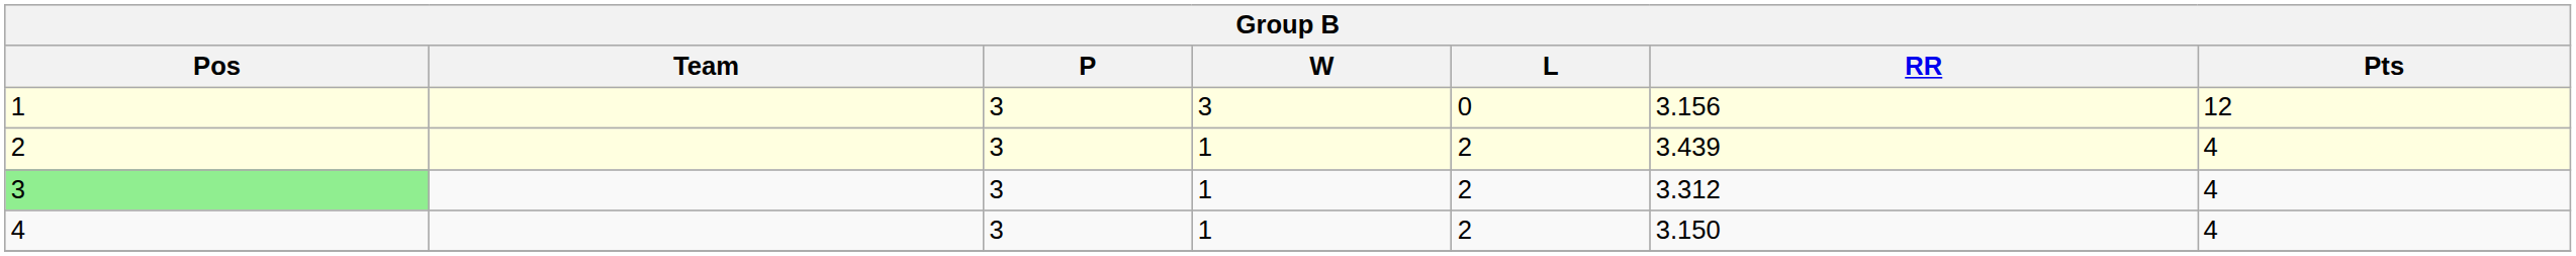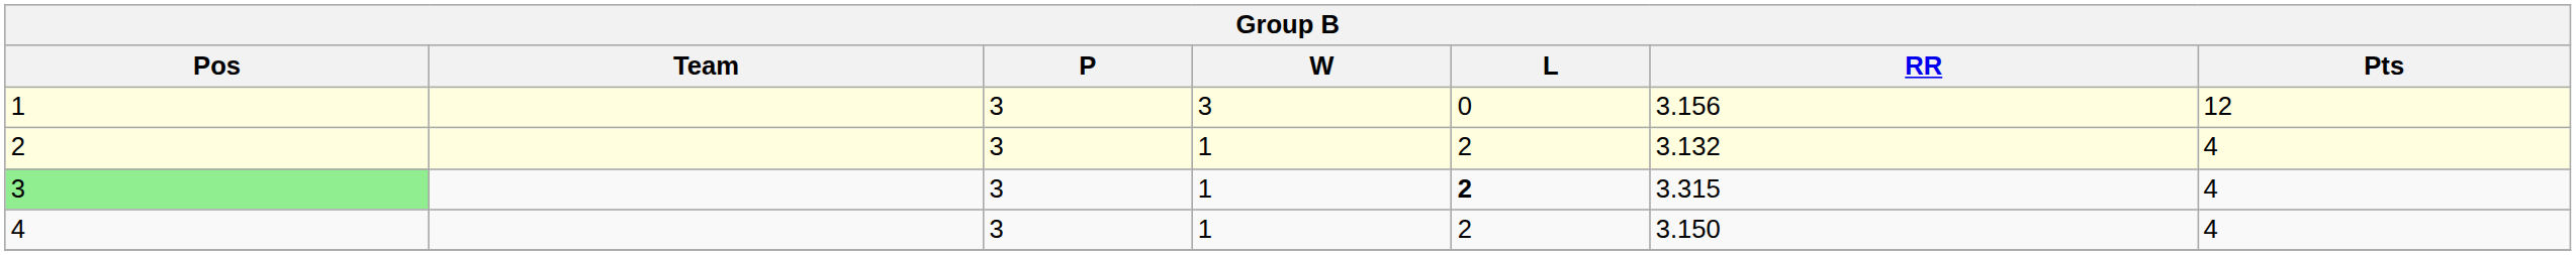 <table class="wikitable" width="80%">
 <tr bgcolor="#efefef">
 <th colspan=7>Group B</th>
 </tr>
 <tr bgcolor="#efefef">
 <th>Pos</th>
 <th>Team</th>
 <th>P</th>
 <th>W</th>
 <th>L</th>
 <th><a href='#'>RR</a></th>
 <th>Pts</th>
 </tr>
 <tr bgcolor="#ffffe0">
 <td>1</td>
 <td></td>
 <td>3</td>
 <td>3</td>
 <td>0</td>
 <td>3.156</td>
 <td>12</td>
 </tr>
 <tr bgcolor="#ffffe0">
 <td>2</td>
 <td></td>
 <td>3</td>
 <td>1</td>
 <td>2</td>
-<td>3.439</td>
+<td>3.132</td>
 <td>4</td>
 </tr>
 <tr>
 <td style="background: lightgreen;">3</td>
 <td></td>
 <td>3</td>
 <td>1</td>
-<td>2</td>
-<td>3.312</td>
+<td><strong>2</strong></td>
+<td>3.315</td>
 <td>4</td>
 </tr>
 <tr>
 <td>4</td>
 <td></td>
 <td>3</td>
 <td>1</td>
 <td>2</td>
 <td>3.150</td>
 <td>4</td>
 </tr>
 <tr>
 </tr>
 </table>
